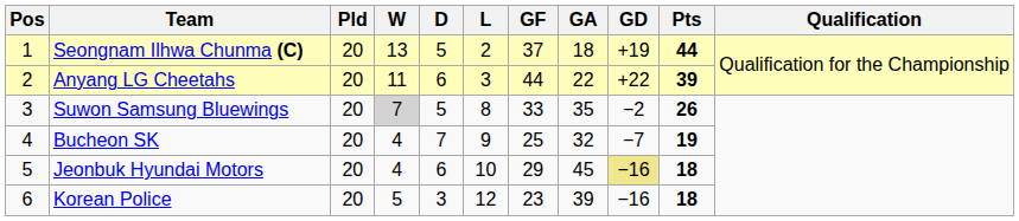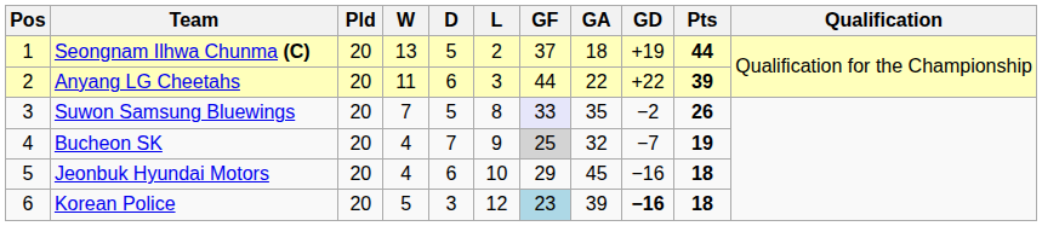 <table class="wikitable" style="text-align:center;">
 <tr>
 <th width=20>Pos</th>
 <th width=230>Team</th>
 <th width=30 abbr="Played">Pld</th>
 <th width=30 abbr="Won">W</th>
 <th width=30 abbr="Draw">D</th>
 <th width=30 abbr="Lost">L</th>
 <th width=35 abbr="Goals for">GF</th>
 <th width=35 abbr="Goals against">GA</th>
 <th width=35 abbr="Goal difference">GD</th>
 <th width=40 abbr="Points">Pts</th>
 <th>Qualification</th>
 </tr>
 <tr bgcolor=#ffffbb>
 <td>1</td>
 <td align="left"><a href='#'>Seongnam Ilhwa Chunma</a> <strong>(C)</strong></td>
 <td>20</td>
 <td>13</td>
 <td>5</td>
 <td>2</td>
 <td>37</td>
 <td>18</td>
 <td>+19</td>
 <td><strong>44</strong></td>
 <td rowspan=2>Qualification for the Championship</td>
 </tr>
 <tr bgcolor=#ffffbb>
 <td>2</td>
 <td align="left"><a href='#'>Anyang LG Cheetahs</a></td>
 <td>20</td>
 <td>11</td>
 <td>6</td>
 <td>3</td>
 <td>44</td>
 <td>22</td>
 <td>+22</td>
 <td><strong>39</strong></td>
 </tr>
 <tr>
 <td>3</td>
 <td align="left"><a href='#'>Suwon Samsung Bluewings</a></td>
 <td>20</td>
-<td style="background: lightgrey;">7</td>
+<td>7</td>
 <td>5</td>
 <td>8</td>
-<td>33</td>
+<td style="background: lavender;">33</td>
 <td>35</td>
 <td>−2</td>
 <td><strong>26</strong></td>
 <td rowspan="4"></td>
 </tr>
 <tr>
 <td>4</td>
 <td align="left"><a href='#'>Bucheon SK</a></td>
 <td>20</td>
 <td>4</td>
 <td>7</td>
 <td>9</td>
-<td>25</td>
+<td style="background: lightgrey;">25</td>
 <td>32</td>
 <td>−7</td>
 <td><strong>19</strong></td>
 </tr>
 <tr>
 <td>5</td>
 <td align="left"><a href='#'>Jeonbuk Hyundai Motors</a></td>
 <td>20</td>
 <td>4</td>
 <td>6</td>
 <td>10</td>
 <td>29</td>
 <td>45</td>
-<td style="background: khaki;">−16</td>
+<td>−16</td>
 <td><strong>18</strong></td>
 </tr>
 <tr>
 <td>6</td>
 <td align="left"><a href='#'>Korean Police</a></td>
 <td>20</td>
 <td>5</td>
 <td>3</td>
 <td>12</td>
-<td>23</td>
+<td style="background: lightblue;">23</td>
 <td>39</td>
-<td>−16</td>
+<td><strong>−16</strong></td>
 <td><strong>18</strong></td>
 </tr>
 </table>
